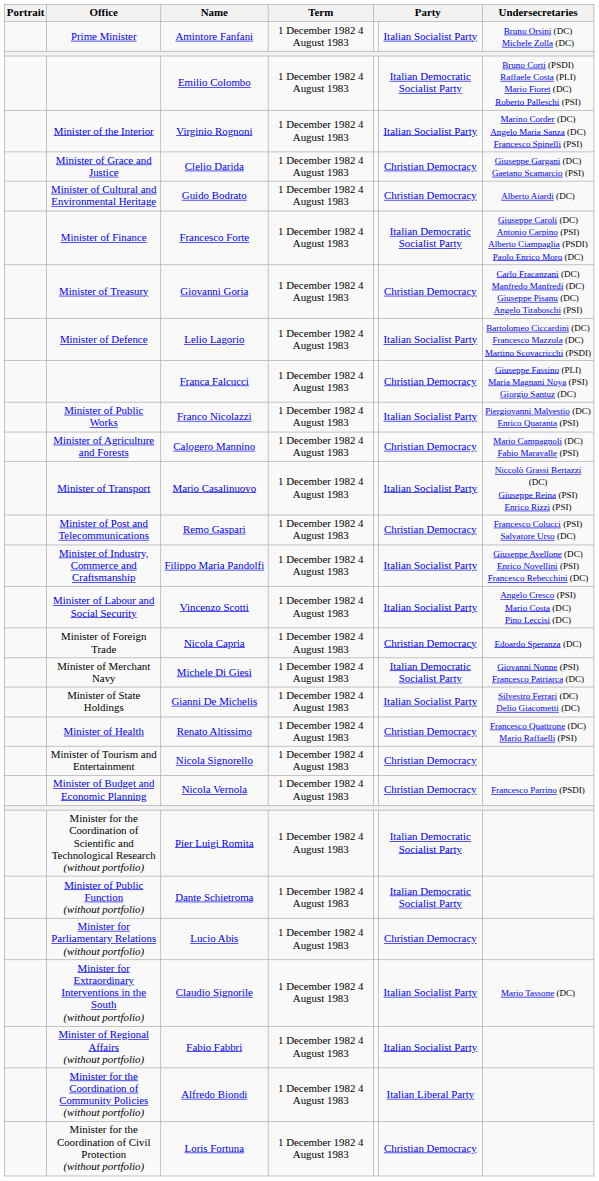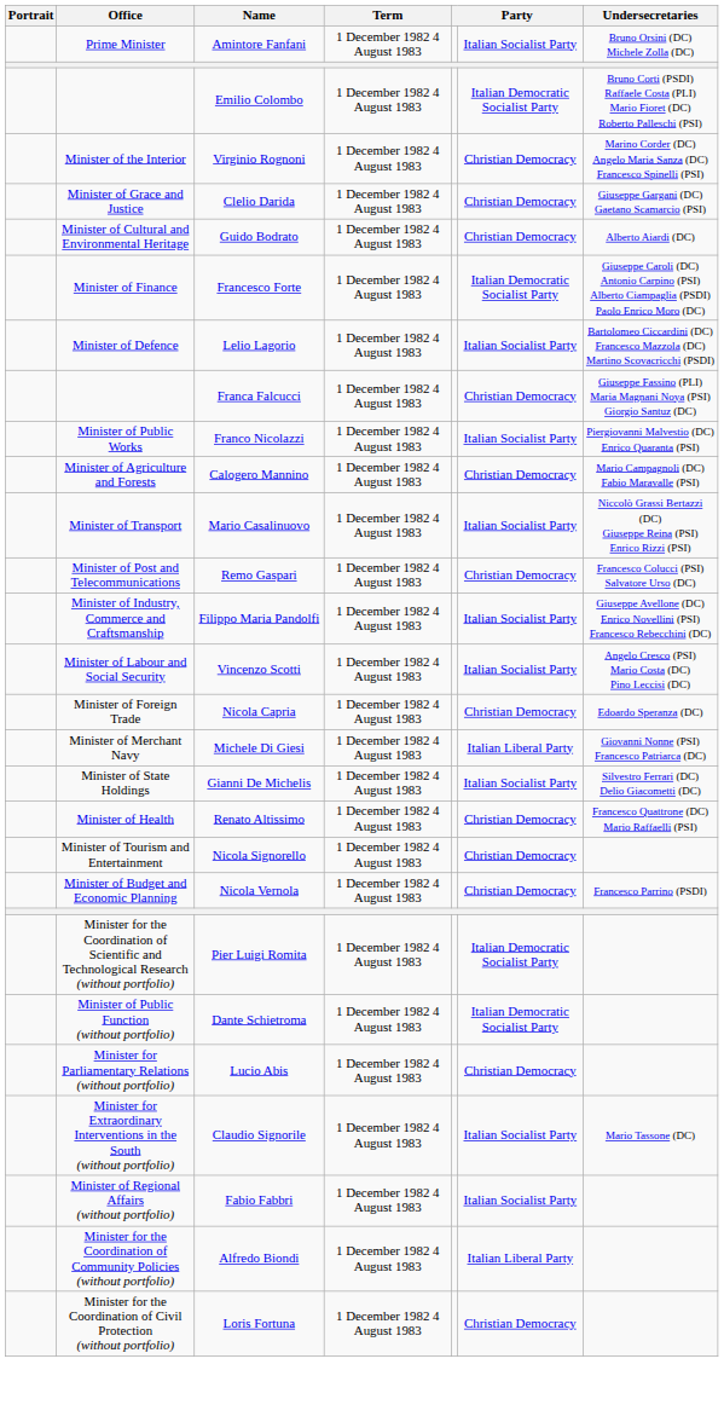 <table class="wikitable" style="text-align:center">
 <tr>
 <th>Portrait</th>
 <th width=20%>Office</th>
 <th width=20%>Name</th>
 <th width=20%>Term</th>
 <th width=20% colspan=2>Party</th>
 <th width=20%>Undersecretaries</th>
 </tr>
 <tr>
 <td></td>
 <td><a href='#'>Prime Minister</a></td>
 <td><a href='#'>Amintore Fanfani</a></td>
 <td>1 December 1982  4 August 1983</td>
 <td style="color:inherit;background:"></td>
 <td><a href='#'>Italian Socialist Party</a></td>
 <td><small><a href='#'>Bruno Orsini</a> (DC)</small><br><small><a href='#'>Michele Zolla</a> (DC)</small></td>
 </tr>
 <tr>
 <th colspan="7"></th>
 </tr>
 <tr>
 <td></td>
 <td></td>
 <td><a href='#'>Emilio Colombo</a></td>
 <td>1 December 1982  4 August 1983</td>
 <td style="color:inherit;background:"></td>
 <td><a href='#'>Italian Democratic Socialist Party</a></td>
 <td><small><a href='#'>Bruno Corti</a> (PSDI)<br> <a href='#'>Raffaele Costa</a> (PLI)<br> <a href='#'>Mario Fioret</a> (DC)<br> <a href='#'>Roberto Palleschi</a> (PSI)</small></td>
 </tr>
 <tr>
 <td></td>
 <td><a href='#'>Minister of the Interior</a></td>
 <td><a href='#'>Virginio Rognoni</a></td>
 <td>1 December 1982  4 August 1983</td>
 <td style="color:inherit;background:"></td>
-<td><a href='#'>Italian Socialist Party</a></td>
+<td><a href='#'>Christian Democracy</a></td>
 <td><small><a href='#'>Marino Corder</a> (DC)<br> <a href='#'>Angelo Maria Sanza</a> (DC)<br> <a href='#'>Francesco Spinelli</a> (PSI)</small></td>
 </tr>
 <tr>
 <td></td>
 <td><a href='#'>Minister of Grace and Justice</a></td>
 <td><a href='#'>Clelio Darida</a></td>
 <td>1 December 1982  4 August 1983</td>
 <td style="color:inherit;background:"></td>
 <td><a href='#'>Christian Democracy</a></td>
 <td><small><a href='#'>Giuseppe Gargani</a> (DC)<br> <a href='#'>Gaetano Scamarcio</a> (PSI)</small></td>
 </tr>
 <tr>
 <td></td>
 <td><a href='#'>Minister of Cultural and Environmental Heritage</a></td>
 <td><a href='#'>Guido Bodrato</a></td>
 <td>1 December 1982  4 August 1983</td>
 <td style="color:inherit;background:"></td>
 <td><a href='#'>Christian Democracy</a></td>
 <td><small><a href='#'>Alberto Aiardi</a> (DC)</small></td>
 </tr>
 <tr>
 <td></td>
 <td><a href='#'>Minister of Finance</a></td>
 <td><a href='#'>Francesco Forte</a></td>
 <td>1 December 1982  4 August 1983</td>
 <td style="color:inherit;background:"></td>
 <td><a href='#'>Italian Democratic Socialist Party</a></td>
 <td><small><a href='#'>Giuseppe Caroli</a> (DC)<br> <a href='#'>Antonio Carpino</a> (PSI)<br> <a href='#'>Alberto Ciampaglia</a> (PSDI)<br> <a href='#'>Paolo Enrico Moro</a> (DC)</small></td>
-</tr>
-<tr>
-<td></td>
-<td><a href='#'>Minister of Treasury</a></td>
-<td><a href='#'>Giovanni Goria</a></td>
-<td>1 December 1982  4 August 1983</td>
-<td style="color:inherit;background:"></td>
-<td><a href='#'>Christian Democracy</a></td>
-<td><small><a href='#'>Carlo Fracanzani</a> (DC)<br> <a href='#'>Manfredo Manfredi</a> (DC)<br> <a href='#'>Giuseppe Pisanu</a> (DC)<br> <a href='#'>Angelo Tiraboschi</a> (PSI)</small></td>
 </tr>
 <tr>
 <td></td>
 <td><a href='#'>Minister of Defence</a></td>
 <td><a href='#'>Lelio Lagorio</a></td>
 <td>1 December 1982  4 August 1983</td>
 <td style="color:inherit;background:"></td>
 <td><a href='#'>Italian Socialist Party</a></td>
 <td><small><a href='#'>Bartolomeo Ciccardini</a> (DC)<br> <a href='#'>Francesco Mazzola</a> (DC)<br> <a href='#'>Martino Scovacricchi</a> (PSDI)</small></td>
 </tr>
 <tr>
 <td></td>
 <td></td>
 <td><a href='#'>Franca Falcucci</a></td>
 <td>1 December 1982  4 August 1983</td>
 <td style="color:inherit;background:"></td>
 <td><a href='#'>Christian Democracy</a></td>
 <td><small><a href='#'>Giuseppe Fassino</a> (PLI)<br> <a href='#'>Maria Magnani Noya</a> (PSI)<br> <a href='#'>Giorgio Santuz</a> (DC)</small></td>
 </tr>
 <tr>
 <td></td>
 <td><a href='#'>Minister of Public Works</a></td>
 <td><a href='#'>Franco Nicolazzi</a></td>
 <td>1 December 1982  4 August 1983</td>
 <td style="color:inherit;background:"></td>
 <td><a href='#'>Italian Socialist Party</a></td>
 <td><small><a href='#'>Piergiovanni Malvestio</a> (DC)<br> <a href='#'>Enrico Quaranta</a> (PSI)</small></td>
 </tr>
 <tr>
 <td></td>
 <td><a href='#'>Minister of Agriculture and Forests</a></td>
 <td><a href='#'>Calogero Mannino</a></td>
 <td>1 December 1982  4 August 1983</td>
 <td style="color:inherit;background:"></td>
 <td><a href='#'>Christian Democracy</a></td>
 <td><small><a href='#'>Mario Campagnoli</a> (DC)<br> <a href='#'>Fabio Maravalle</a> (PSI)</small></td>
 </tr>
 <tr>
 <td></td>
 <td><a href='#'>Minister of Transport</a></td>
 <td><a href='#'>Mario Casalinuovo</a></td>
 <td>1 December 1982  4 August 1983</td>
 <td style="color:inherit;background:"></td>
 <td><a href='#'>Italian Socialist Party</a></td>
 <td><small><a href='#'>Niccolò Grassi Bertazzi</a> (DC)<br> <a href='#'>Giuseppe Reina</a> (PSI)<br> <a href='#'>Enrico Rizzi</a> (PSI)</small></td>
 </tr>
 <tr>
 <td></td>
 <td><a href='#'>Minister of Post and Telecommunications</a></td>
 <td><a href='#'>Remo Gaspari</a></td>
 <td>1 December 1982  4 August 1983</td>
 <td style="color:inherit;background:"></td>
 <td><a href='#'>Christian Democracy</a></td>
 <td><small><a href='#'>Francesco Colucci</a> (PSI)<br> <a href='#'>Salvatore Urso</a> (DC)</small></td>
 </tr>
 <tr>
 <td></td>
 <td><a href='#'>Minister of Industry, Commerce and Craftsmanship</a></td>
 <td><a href='#'>Filippo Maria Pandolfi</a></td>
 <td>1 December 1982  4 August 1983</td>
 <td style="color:inherit;background:"></td>
 <td><a href='#'>Italian Socialist Party</a></td>
 <td><small><a href='#'>Giuseppe Avellone</a> (DC)<br> <a href='#'>Enrico Novellini</a> (PSI)<br> <a href='#'>Francesco Rebecchini</a> (DC)</small></td>
 </tr>
 <tr>
 <td></td>
 <td><a href='#'>Minister of Labour and Social Security</a></td>
 <td><a href='#'>Vincenzo Scotti</a></td>
 <td>1 December 1982  4 August 1983</td>
 <td style="color:inherit;background:"></td>
 <td><a href='#'>Italian Socialist Party</a></td>
 <td><small><a href='#'>Angelo Cresco</a> (PSI)<br> <a href='#'>Mario Costa</a> (DC)<br> <a href='#'>Pino Leccisi</a> (DC)</small></td>
 </tr>
 <tr>
 <td></td>
 <td>Minister of Foreign Trade</td>
 <td><a href='#'>Nicola Capria</a></td>
 <td>1 December 1982  4 August 1983</td>
 <td style="color:inherit;background:"></td>
 <td><a href='#'>Christian Democracy</a></td>
 <td><small><a href='#'>Edoardo Speranza</a> (DC)</small></td>
 </tr>
 <tr>
 <td></td>
 <td>Minister of Merchant Navy</td>
 <td><a href='#'>Michele Di Giesi</a></td>
 <td>1 December 1982  4 August 1983</td>
 <td style="color:inherit;background:"></td>
-<td><a href='#'>Italian Democratic Socialist Party</a></td>
+<td><a href='#'>Italian Liberal Party</a></td>
 <td><small><a href='#'>Giovanni Nonne</a> (PSI)<br> <a href='#'>Francesco Patriarca</a> (DC)</small></td>
 </tr>
 <tr>
 <td></td>
 <td>Minister of State Holdings</td>
 <td><a href='#'>Gianni De Michelis</a></td>
 <td>1 December 1982  4 August 1983</td>
 <td style="color:inherit;background:"></td>
 <td><a href='#'>Italian Socialist Party</a></td>
 <td><small><a href='#'>Silvestro Ferrari</a> (DC)<br> <a href='#'>Delio Giacometti</a> (DC)</small></td>
 </tr>
 <tr>
 <td></td>
 <td><a href='#'>Minister of Health</a></td>
 <td><a href='#'>Renato Altissimo</a></td>
 <td>1 December 1982  4 August 1983</td>
 <td style="color:inherit;background:"></td>
 <td><a href='#'>Christian Democracy</a></td>
 <td><small><a href='#'>Francesco Quattrone</a> (DC)<br> <a href='#'>Mario Raffaelli</a> (PSI)</small></td>
 </tr>
 <tr>
 <td></td>
 <td>Minister of Tourism and Entertainment</td>
 <td><a href='#'>Nicola Signorello</a></td>
 <td>1 December 1982  4 August 1983</td>
 <td style="color:inherit;background:"></td>
 <td><a href='#'>Christian Democracy</a></td>
 <td></td>
 </tr>
 <tr>
 <td></td>
 <td><a href='#'>Minister of Budget and Economic Planning</a></td>
 <td><a href='#'>Nicola Vernola</a></td>
 <td>1 December 1982  4 August 1983</td>
 <td style="color:inherit;background:"></td>
 <td><a href='#'>Christian Democracy</a></td>
 <td><small><a href='#'>Francesco Parrino</a> (PSDI)</small></td>
 </tr>
 <tr>
 <th colspan="7"></th>
 </tr>
 <tr>
 <td></td>
 <td>Minister for the Coordination of Scientific and Technological Research <br> <em>(without portfolio)</em></td>
 <td><a href='#'>Pier Luigi Romita</a></td>
 <td>1 December 1982  4 August 1983</td>
 <td style="color:inherit;background:"></td>
 <td><a href='#'>Italian Democratic Socialist Party</a></td>
 <td></td>
 </tr>
 <tr>
 <td></td>
 <td><a href='#'>Minister of Public Function</a> <br> <em>(without portfolio)</em></td>
 <td><a href='#'>Dante Schietroma</a></td>
 <td>1 December 1982  4 August 1983</td>
 <td style="color:inherit;background:"></td>
 <td><a href='#'>Italian Democratic Socialist Party</a></td>
 <td></td>
 </tr>
 <tr>
 <td></td>
 <td><a href='#'>Minister for Parliamentary Relations</a> <br> <em>(without portfolio)</em></td>
 <td><a href='#'>Lucio Abis</a></td>
 <td>1 December 1982  4 August 1983</td>
 <td style="color:inherit;background:"></td>
 <td><a href='#'>Christian Democracy</a></td>
 <td></td>
 </tr>
 <tr>
 <td></td>
 <td><a href='#'>Minister for Extraordinary Interventions in the South</a> <br> <em>(without portfolio)</em></td>
 <td><a href='#'>Claudio Signorile</a></td>
 <td>1 December 1982  4 August 1983</td>
 <td style="color:inherit;background:"></td>
 <td><a href='#'>Italian Socialist Party</a></td>
 <td><small><a href='#'>Mario Tassone</a> (DC)</small></td>
 </tr>
 <tr>
 <td></td>
 <td><a href='#'>Minister of Regional Affairs</a> <br> <em>(without portfolio)</em></td>
 <td><a href='#'>Fabio Fabbri</a></td>
 <td>1 December 1982  4 August 1983</td>
 <td style="color:inherit;background:"></td>
 <td><a href='#'>Italian Socialist Party</a></td>
 <td></td>
 </tr>
 <tr>
 <td></td>
 <td><a href='#'>Minister for the Coordination of Community Policies</a> <br> <em>(without portfolio)</em></td>
 <td><a href='#'>Alfredo Biondi</a></td>
 <td>1 December 1982  4 August 1983</td>
 <td style="color:inherit;background:"></td>
 <td><a href='#'>Italian Liberal Party</a></td>
 <td></td>
 </tr>
 <tr>
 <td></td>
 <td>Minister for the Coordination of Civil Protection <br> <em>(without portfolio)</em></td>
 <td><a href='#'>Loris Fortuna</a></td>
 <td>1 December 1982  4 August 1983</td>
 <td style="color:inherit;background:"></td>
 <td><a href='#'>Christian Democracy</a></td>
 <td></td>
 </tr>
 </table>
